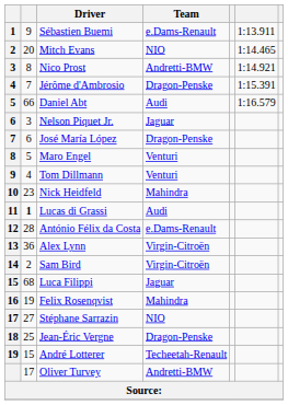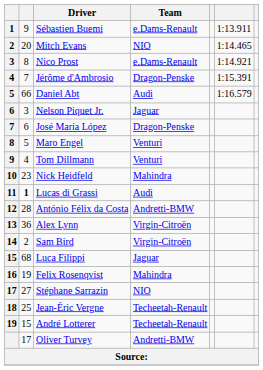 <table class="wikitable sortable" style="font-size: 85%">
 <tr>
 <th scope="col"></th>
 <th scope="col"></th>
 <th scope="col">Driver</th>
 <th scope="col">Team</th>
 <th scope="col"></th>
 <th scope="col"></th>
 <th scope="col"></th>
 </tr>
 <tr>
 <th scope="row">1</th>
 <td align="center">9</td>
 <td data-sort-value="BUE"> <a href='#'>Sébastien Buemi</a></td>
 <td><a href='#'>e.Dams-Renault</a></td>
 <td></td>
 <td>1:13.911</td>
 <td align="center"></td>
 </tr>
 <tr>
 <th scope="row">2</th>
 <td align="center">20</td>
 <td data-sort-value="EVA"> <a href='#'>Mitch Evans</a></td>
 <td><a href='#'>NIO</a></td>
 <td></td>
 <td>1:14.465</td>
 <td align="center"></td>
 </tr>
 <tr>
 <th scope="row">3</th>
 <td align="center">8</td>
 <td data-sort-value="PRO"> <a href='#'>Nico Prost</a></td>
-<td><a href='#'>Andretti-BMW</a></td>
+<td><a href='#'>e.Dams-Renault</a></td>
 <td></td>
 <td>1:14.921</td>
 <td align="center"></td>
 </tr>
 <tr>
 <th scope="row">4</th>
 <td align="center">7</td>
 <td data-sort-value="DAM"> <a href='#'>Jérôme d'Ambrosio</a></td>
 <td><a href='#'>Dragon-Penske</a></td>
 <td></td>
 <td>1:15.391</td>
 <td align="center"></td>
 </tr>
 <tr>
 <th scope="row">5</th>
 <td align="center">66</td>
 <td data-sort-value="ABT"> <a href='#'>Daniel Abt</a></td>
 <td><a href='#'>Audi</a></td>
 <td></td>
 <td>1:16.579</td>
 <td align="center"></td>
 </tr>
 <tr>
 <th scope="row">6</th>
 <td align="center">3</td>
 <td data-sort-value="PIQ"> <a href='#'>Nelson Piquet Jr.</a></td>
 <td><a href='#'>Jaguar</a></td>
 <td></td>
 <td></td>
 <td align="center"></td>
 </tr>
 <tr>
 <th scope="row">7</th>
 <td align="center">6</td>
 <td data-sort-value="LOP"> <a href='#'>José María López</a></td>
 <td><a href='#'>Dragon-Penske</a></td>
 <td></td>
 <td></td>
 <td align="center"></td>
 </tr>
 <tr>
 <th scope="row">8</th>
 <td align="center">5</td>
 <td data-sort-value="ENG"> <a href='#'>Maro Engel</a></td>
 <td><a href='#'>Venturi</a></td>
 <td></td>
 <td></td>
 <td align="center"></td>
 </tr>
 <tr>
 <th scope="row">9</th>
 <td align="center">4</td>
 <td data-sort-value="DIL"> <a href='#'>Tom Dillmann</a></td>
 <td><a href='#'>Venturi</a></td>
 <td></td>
 <td></td>
 <td align="center"></td>
 </tr>
 <tr>
 <th scope="row">10</th>
 <td align="center">23</td>
 <td data-sort-value="HEI"> <a href='#'>Nick Heidfeld</a></td>
 <td><a href='#'>Mahindra</a></td>
 <td></td>
 <td></td>
 <td align="center"></td>
 </tr>
 <tr>
 <th scope="row">11</th>
 <td align="center"><strong>1</strong></td>
 <td data-sort-value="DIG"> <a href='#'>Lucas di Grassi</a></td>
 <td><a href='#'>Audi</a></td>
 <td></td>
 <td></td>
 <td align="center"></td>
 </tr>
 <tr>
 <th scope="row">12</th>
 <td align="center">28</td>
 <td data-sort-value="FDC"> <a href='#'>António Félix da Costa</a></td>
-<td><a href='#'>e.Dams-Renault</a></td>
+<td><a href='#'>Andretti-BMW</a></td>
 <td></td>
 <td></td>
 <td align="center"></td>
 </tr>
 <tr>
 <th scope="row">13</th>
 <td align="center">36</td>
 <td data-sort-value="LYN"> <a href='#'>Alex Lynn</a></td>
 <td><a href='#'>Virgin-Citroën</a></td>
 <td></td>
 <td></td>
 <td align="center"></td>
 </tr>
 <tr>
 <th scope="row">14</th>
 <td align="center">2</td>
 <td data-sort-value="BIR"> <a href='#'>Sam Bird</a></td>
 <td><a href='#'>Virgin-Citroën</a></td>
 <td></td>
 <td></td>
 <td align="center"></td>
 </tr>
 <tr>
 <th scope="row">15</th>
 <td align="center">68</td>
 <td data-sort-value="FIL"> <a href='#'>Luca Filippi</a></td>
 <td><a href='#'>Jaguar</a></td>
 <td></td>
 <td></td>
 <td align="center"></td>
 </tr>
 <tr>
 <th scope="row">16</th>
 <td align="center">19</td>
 <td data-sort-value="ROS"> <a href='#'>Felix Rosenqvist</a></td>
 <td><a href='#'>Mahindra</a></td>
 <td></td>
 <td></td>
 <td align="center"></td>
 </tr>
 <tr>
 <th scope="row">17</th>
 <td align="center">27</td>
 <td data-sort-value="SAR"> <a href='#'>Stéphane Sarrazin</a></td>
 <td><a href='#'>NIO</a></td>
 <td></td>
 <td></td>
 <td align="center"></td>
 </tr>
 <tr>
 <th scope="row">18</th>
 <td align="center">25</td>
 <td data-sort-value="VER"> <a href='#'>Jean-Éric Vergne</a></td>
-<td><a href='#'>Dragon-Penske</a></td>
+<td><a href='#'>Techeetah-Renault</a></td>
 <td></td>
 <td></td>
 <td align="center"></td>
 </tr>
 <tr>
 <th scope="row">19</th>
 <td align="center">15</td>
 <td data-sort-value="LOT"> <a href='#'>André Lotterer</a></td>
 <td><a href='#'>Techeetah-Renault</a></td>
 <td></td>
 <td></td>
 <td align="center"></td>
 </tr>
 <tr>
 <th scope="row" data-sort-value="20"></th>
 <td align="center">17</td>
 <td data-sort-value="TUR"> <a href='#'>Oliver Turvey</a></td>
 <td><a href='#'>Andretti-BMW</a></td>
 <td></td>
 <td></td>
 <td align="center"></td>
 </tr>
 <tr>
 <th colspan="7">Source:</th>
 </tr>
 <tr>
 </tr>
 </table>
